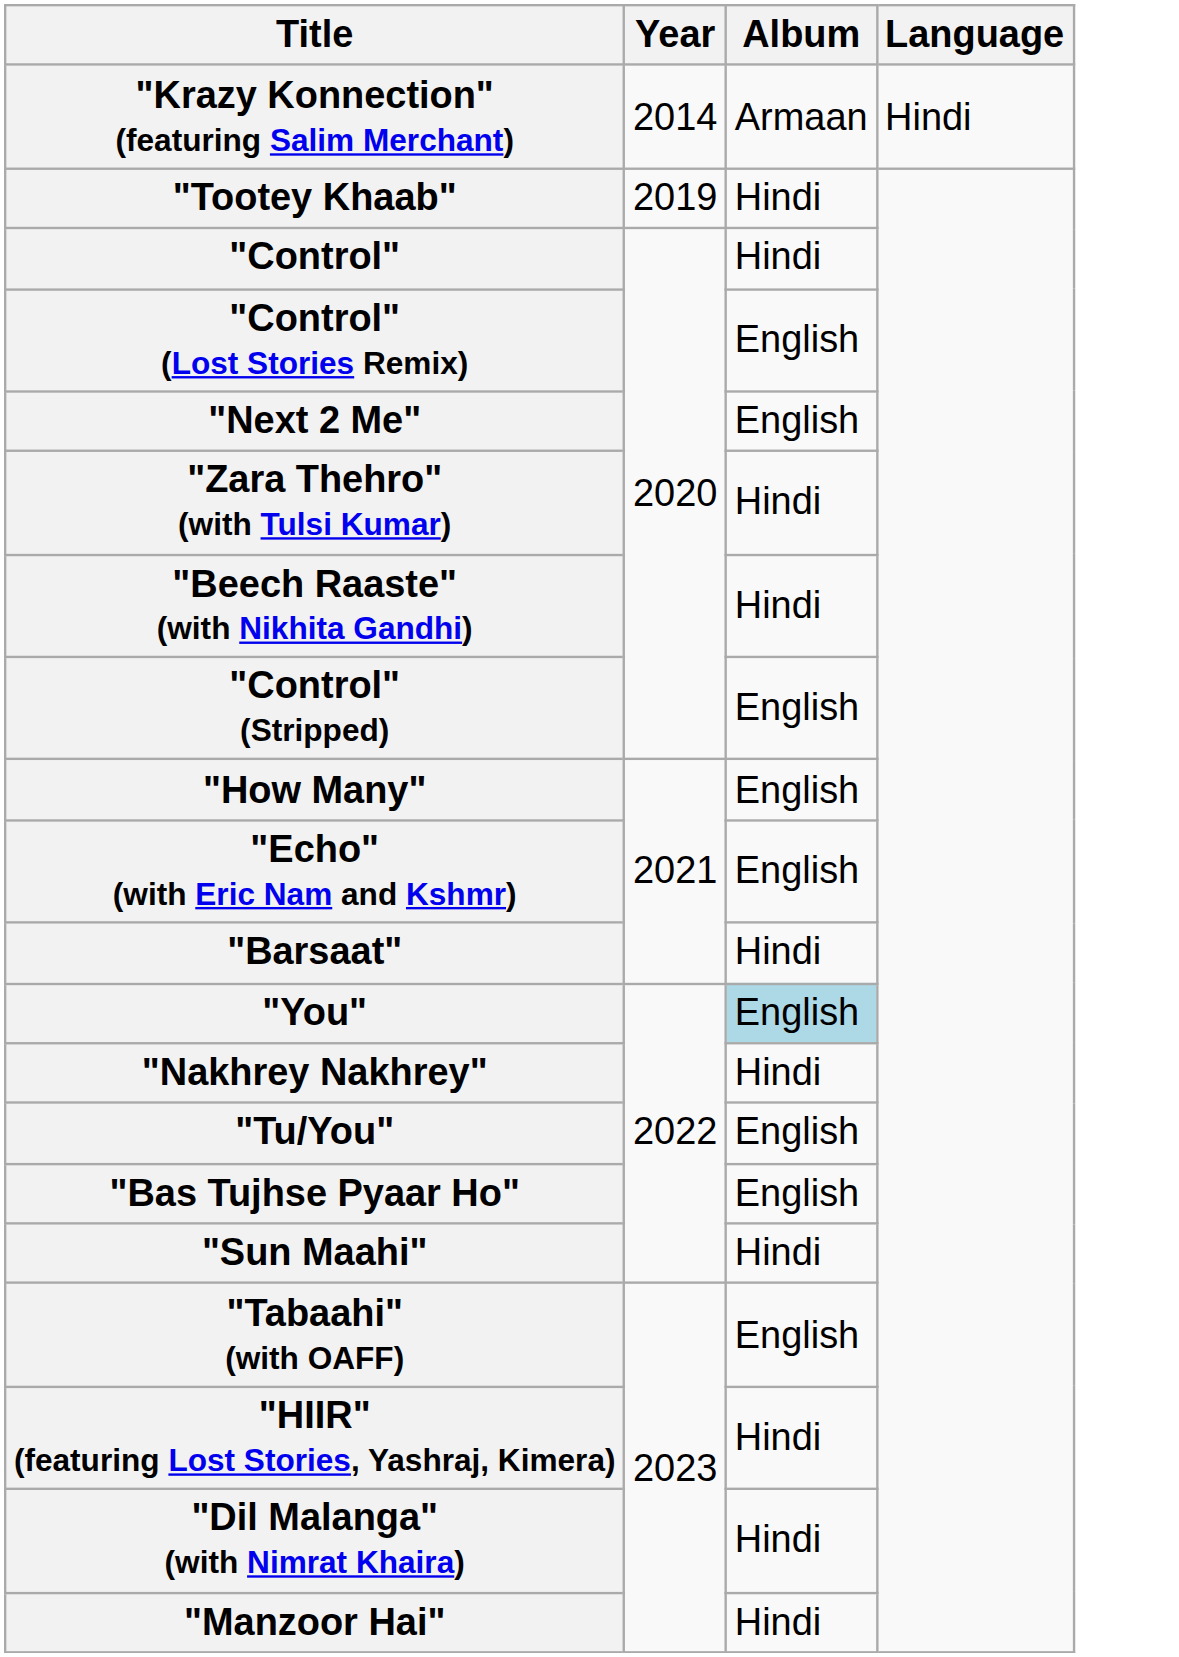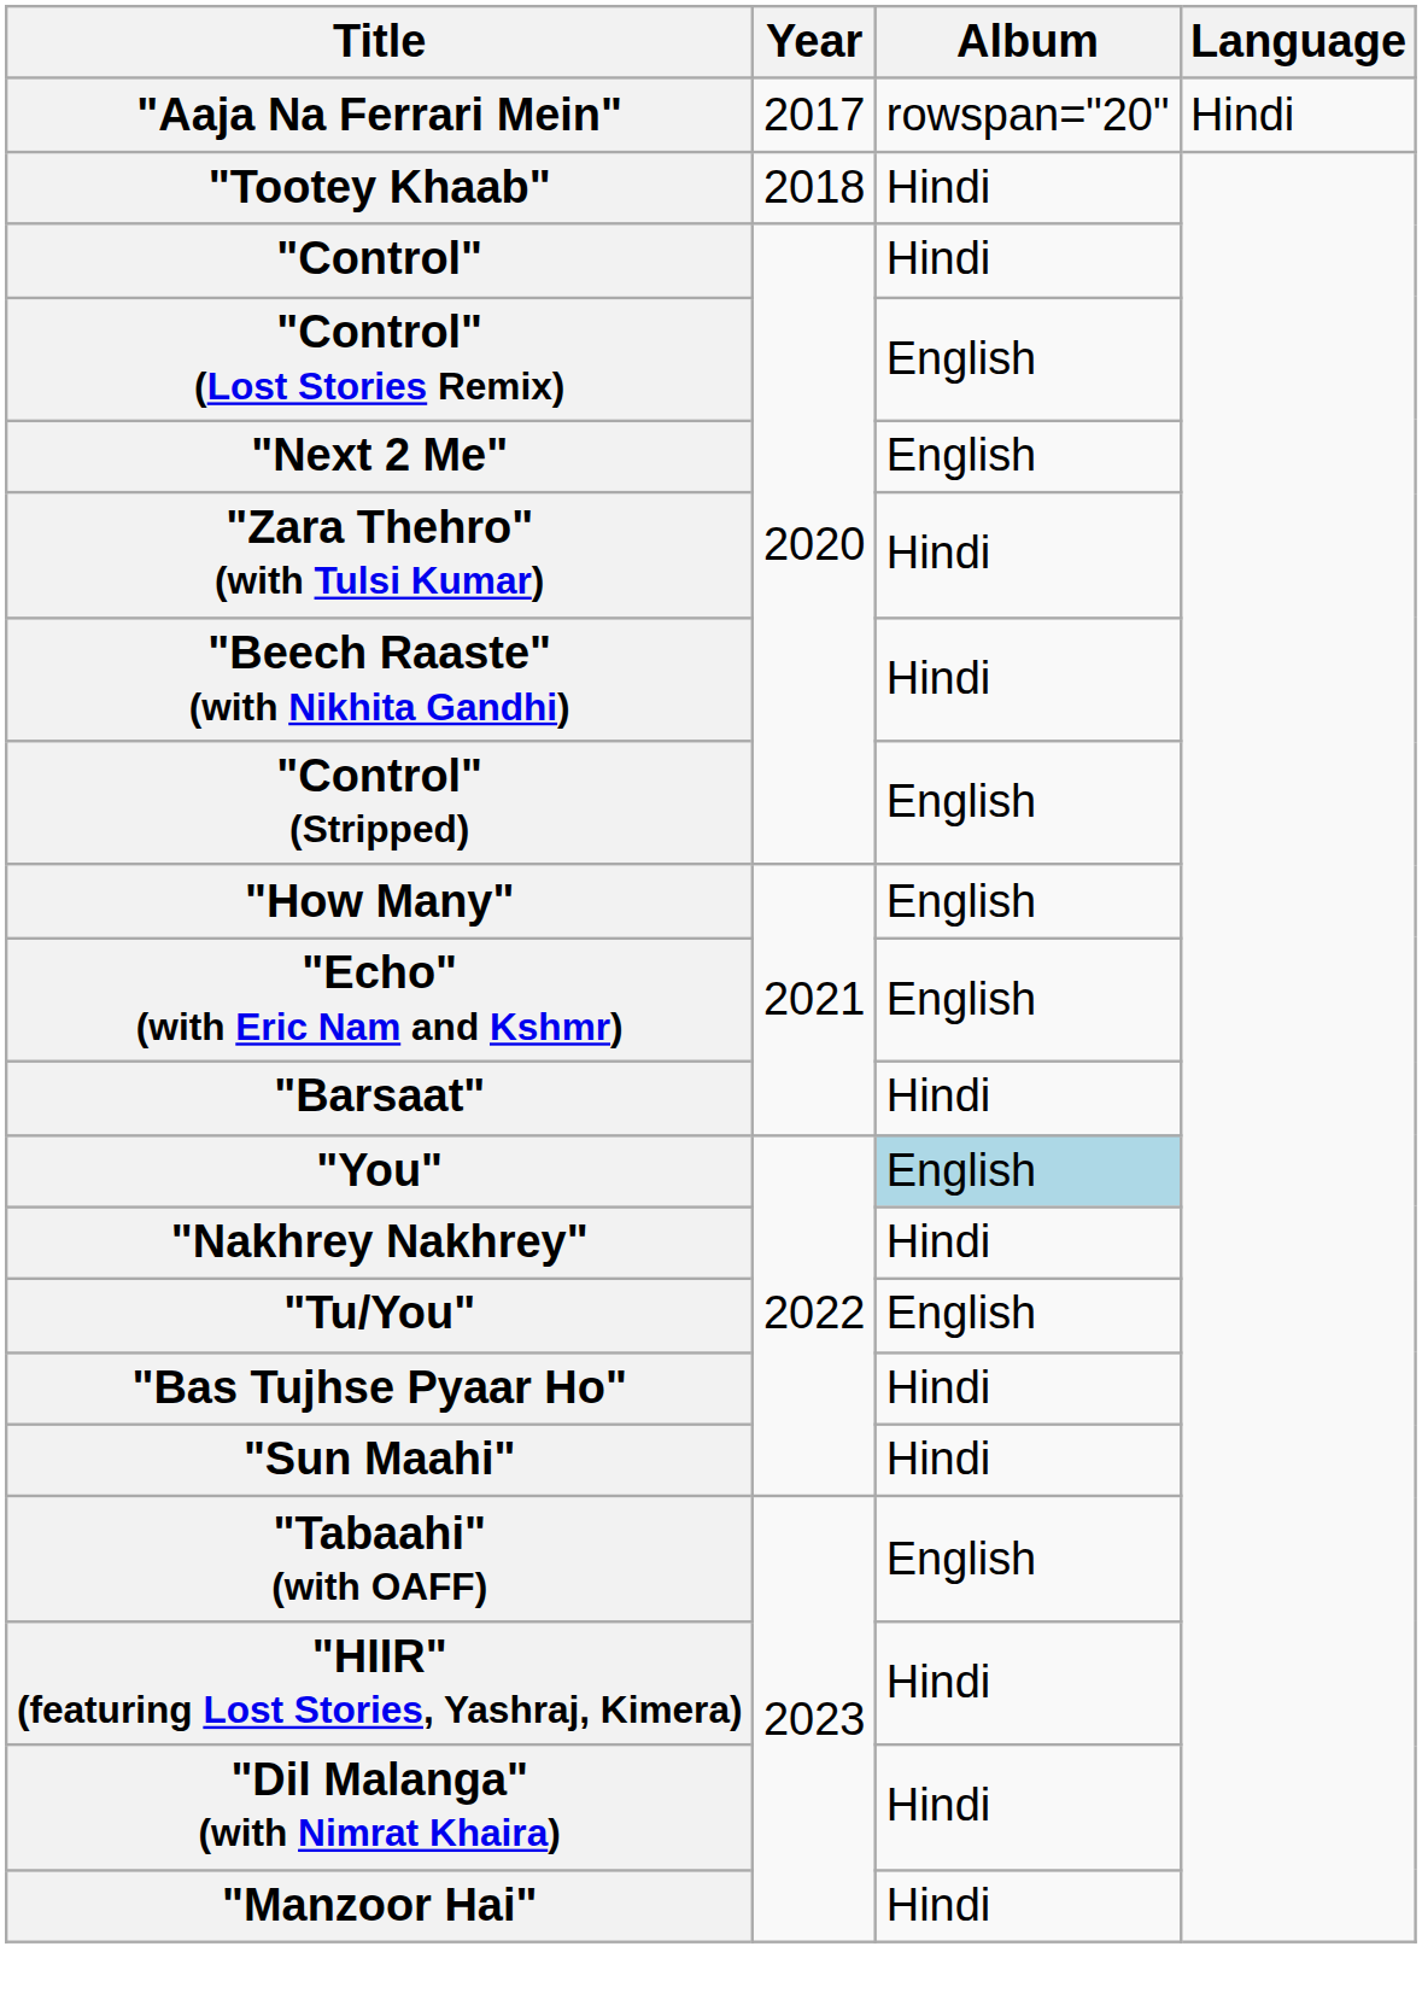 <table class="wikitable plainrowheaders">
 <tr>
 <th scope="col">Title</th>
 <th scope="col">Year</th>
 <th scope="col">Album</th>
 <th scope="col">Language</th>
 </tr>
 <tr>
-<th scope="row">"Krazy Konnection"<br><small>(featuring <a href='#'>Salim Merchant</a>)</small></th>
-<td>2014</td>
-<td>Armaan</td>
+<th scope="row">"Aaja Na Ferrari Mein"</th>
+<td>2017</td>
+<td>rowspan="20" </td>
 <td>Hindi</td>
 </tr>
 <tr>
 <th scope="row">"Tootey Khaab"</th>
-<td>2019</td>
+<td>2018</td>
 <td>Hindi</td>
 </tr>
 <tr>
 <th scope="row">"Control"</th>
 <td rowspan="6">2020</td>
 <td>Hindi</td>
 </tr>
 <tr>
 <th scope="row">"Control"<br><small>(<a href='#'>Lost Stories</a> Remix)</small></th>
 <td>English</td>
 </tr>
 <tr>
 <th scope="row">"Next 2 Me"</th>
 <td>English</td>
 </tr>
 <tr>
 <th scope="row">"Zara Thehro"<br><small>(with <a href='#'>Tulsi Kumar</a>)</small></th>
 <td>Hindi</td>
 </tr>
 <tr>
 <th scope="row">"Beech Raaste"<br><small>(with <a href='#'>Nikhita Gandhi</a>)</small></th>
 <td>Hindi</td>
 </tr>
 <tr>
 <th scope="row">"Control"<br><small>(Stripped)</small></th>
 <td>English</td>
 </tr>
 <tr>
 <th scope="row">"How Many"</th>
 <td rowspan="3">2021</td>
 <td>English</td>
 </tr>
 <tr>
 <th scope="row">"Echo"<br><small>(with <a href='#'>Eric Nam</a> and <a href='#'>Kshmr</a>)</small></th>
 <td>English</td>
 </tr>
 <tr>
 <th scope="row">"Barsaat"</th>
 <td>Hindi</td>
 </tr>
 <tr>
 <th scope="row">"You"</th>
 <td rowspan="5">2022</td>
 <td style="background: lightblue;">English</td>
 </tr>
 <tr>
 <th scope="row">"Nakhrey Nakhrey"</th>
 <td>Hindi</td>
 </tr>
 <tr>
 <th scope="row">"Tu/You"</th>
 <td>English</td>
 </tr>
 <tr>
 <th scope="row">"Bas Tujhse Pyaar Ho"</th>
-<td>English</td>
+<td>Hindi</td>
 </tr>
 <tr>
 <th scope="row">"Sun Maahi"</th>
 <td>Hindi</td>
 </tr>
 <tr>
 <th scope="row">"Tabaahi"<br><small>(with OAFF)</small></th>
 <td rowspan="4">2023</td>
 <td>English</td>
 </tr>
 <tr>
 <th scope="row">"HIIR"<br><small>(featuring <a href='#'>Lost Stories</a>, Yashraj, Kimera)</small></th>
 <td>Hindi</td>
 </tr>
 <tr>
 <th scope="row">"Dil Malanga"<br><small>(with <a href='#'>Nimrat Khaira</a>)</small></th>
 <td>Hindi</td>
 </tr>
 <tr>
 <th scope="row">"Manzoor Hai"</th>
 <td>Hindi</td>
 </tr>
 </table>
